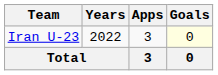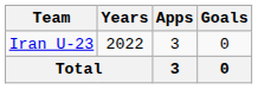 <table class="wikitable" style="text-align: center;">
 <tr>
 <th>Team</th>
 <th>Years</th>
 <th>Apps</th>
 <th>Goals</th>
 </tr>
 <tr>
 <td><a href='#'>Iran U-23</a></td>
 <td>2022</td>
 <td>3</td>
-<td style="background: lightyellow;">0</td>
+<td>0</td>
 </tr>
 <tr>
 <th colspan=2>Total</th>
 <th>3</th>
 <th>0</th>
 </tr>
 </table>
